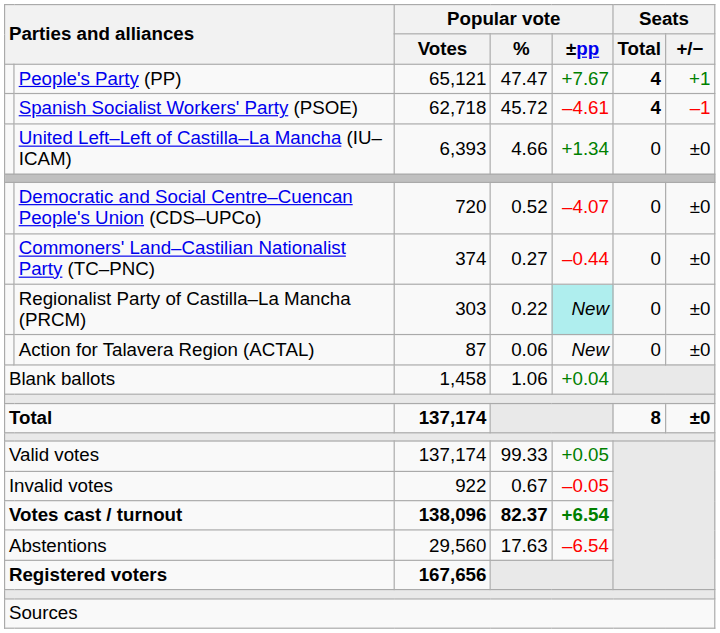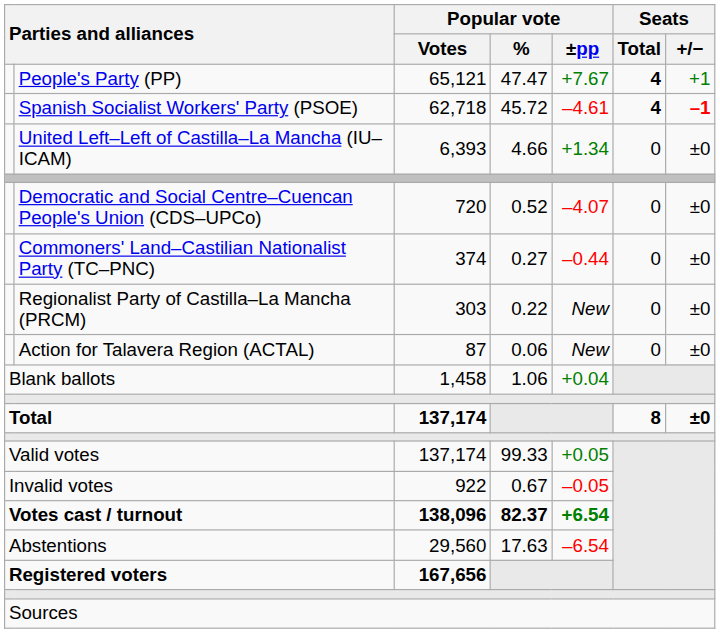 <table class="wikitable" style="text-align:right;">
 <tr>
 <th style="text-align:left;" rowspan="2" colspan="2" width="525">Parties and alliances</th>
 <th colspan="3">Popular vote</th>
 <th colspan="2">Seats</th>
 </tr>
 <tr>
 <th width="75">Votes</th>
 <th width="45">%</th>
 <th width="45">±<a href='#'>pp</a></th>
 <th width="35">Total</th>
 <th width="35">+/−</th>
 </tr>
 <tr>
 <td width="1" style="color:inherit;background:"></td>
 <td align="left"><a href='#'>People's Party</a> (PP)</td>
 <td>65,121</td>
 <td>47.47</td>
 <td style="color:green;">+7.67</td>
 <td><strong>4</strong></td>
 <td style="color:green;">+1</td>
 </tr>
 <tr>
 <td style="color:inherit;background:"></td>
 <td align="left"><a href='#'>Spanish Socialist Workers' Party</a> (PSOE)</td>
 <td>62,718</td>
 <td>45.72</td>
 <td style="color:red;">–4.61</td>
 <td><strong>4</strong></td>
-<td style="color:red;">–1</td>
+<td style="color:red;"><strong>–1</strong></td>
 </tr>
 <tr>
 <td style="color:inherit;background:"></td>
 <td align="left"><a href='#'>United Left–Left of Castilla–La Mancha</a> (IU–ICAM)</td>
 <td>6,393</td>
 <td>4.66</td>
 <td style="color:green;">+1.34</td>
 <td>0</td>
 <td>±0</td>
 </tr>
 <tr>
 <td colspan="7" bgcolor="#C0C0C0"></td>
 </tr>
 <tr>
 <td style="color:inherit;background:"></td>
 <td align="left"><a href='#'>Democratic and Social Centre–Cuencan People's Union</a> (CDS–UPCo)</td>
 <td>720</td>
 <td>0.52</td>
 <td style="color:red;">–4.07</td>
 <td>0</td>
 <td>±0</td>
 </tr>
 <tr>
 <td style="color:inherit;background:"></td>
 <td align="left"><a href='#'>Commoners' Land–Castilian Nationalist Party</a> (TC–PNC)</td>
 <td>374</td>
 <td>0.27</td>
 <td style="color:red;">–0.44</td>
 <td>0</td>
 <td>±0</td>
 </tr>
 <tr>
 <td style="color:inherit;background:"></td>
 <td align="left">Regionalist Party of Castilla–La Mancha (PRCM)</td>
 <td>303</td>
 <td>0.22</td>
-<td style="background: paleturquoise;"><em>New</em></td>
+<td><em>New</em></td>
 <td>0</td>
 <td>±0</td>
 </tr>
 <tr>
 <td style="color:inherit;background:"></td>
 <td align="left">Action for Talavera Region (ACTAL)</td>
 <td>87</td>
 <td>0.06</td>
 <td><em>New</em></td>
 <td>0</td>
 <td>±0</td>
 </tr>
 <tr>
 <td align="left" colspan="2">Blank ballots</td>
 <td>1,458</td>
 <td>1.06</td>
 <td style="color:green;">+0.04</td>
 <td bgcolor="#E9E9E9" colspan="2"></td>
 </tr>
 <tr>
 <td colspan="7" bgcolor="#E9E9E9"></td>
 </tr>
 <tr style="font-weight:bold;">
 <td align="left" colspan="2">Total</td>
 <td>137,174</td>
 <td bgcolor="#E9E9E9" colspan="2"></td>
 <td>8</td>
 <td>±0</td>
 </tr>
 <tr>
 <td colspan="7" bgcolor="#E9E9E9"></td>
 </tr>
 <tr>
 <td align="left" colspan="2">Valid votes</td>
 <td>137,174</td>
 <td>99.33</td>
 <td style="color:green;">+0.05</td>
 <td bgcolor="#E9E9E9" colspan="2" rowspan="5"></td>
 </tr>
 <tr>
 <td align="left" colspan="2">Invalid votes</td>
 <td>922</td>
 <td>0.67</td>
 <td style="color:red;">–0.05</td>
 </tr>
 <tr style="font-weight:bold;">
 <td align="left" colspan="2">Votes cast / turnout</td>
 <td>138,096</td>
 <td>82.37</td>
 <td style="color:green;">+6.54</td>
 </tr>
 <tr>
 <td align="left" colspan="2">Abstentions</td>
 <td>29,560</td>
 <td>17.63</td>
 <td style="color:red;">–6.54</td>
 </tr>
 <tr style="font-weight:bold;">
 <td align="left" colspan="2">Registered voters</td>
 <td>167,656</td>
 <td bgcolor="#E9E9E9" colspan="2"></td>
 </tr>
 <tr>
 <td colspan="7" bgcolor="#E9E9E9"></td>
 </tr>
 <tr>
 <td align="left" colspan="7">Sources</td>
 </tr>
 </table>
